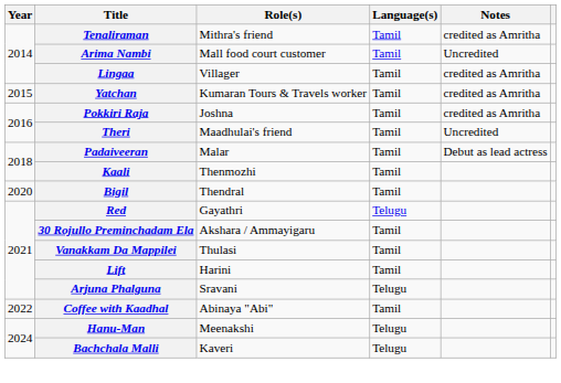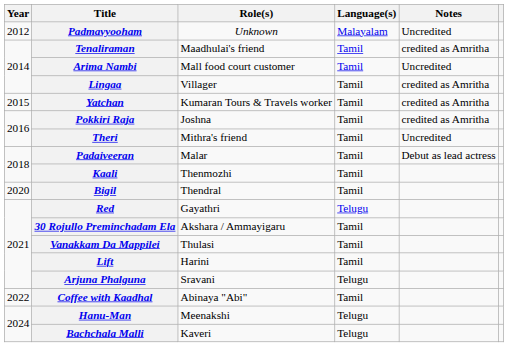 <table class="wikitable plainrowheaders sortable">
 <tr>
 <th scope="col">Year</th>
 <th scope="col">Title</th>
 <th scope="col">Role(s)</th>
 <th scope="col">Language(s)</th>
 <th scope="col" class="unsortable">Notes</th>
 <th scope="col" class="unsortable"></th>
 </tr>
 <tr>
+<td rowspan="1">2012</td>
+<th scope="row"><em><a href='#'>Padmavyooham</a></em></th>
+<td style="text-align: center;"><em>Unknown</em></td>
+<td><a href='#'>Malayalam</a></td>
+<td>Uncredited</td>
+<td style="text-align: center;"></td>
+</tr>
+<tr>
 <td rowspan="3">2014</td>
 <th scope="row"><em><a href='#'>Tenaliraman</a></em></th>
-<td>Mithra's friend</td>
+<td>Maadhulai's friend</td>
 <td><a href='#'>Tamil</a></td>
 <td>credited as Amritha</td>
 <td style="text-align: center;"></td>
 </tr>
 <tr>
 <th scope="row"><em><a href='#'>Arima Nambi</a></em></th>
 <td>Mall food court customer</td>
 <td><a href='#'>Tamil</a></td>
 <td>Uncredited</td>
 <td style="text-align: center;"></td>
 </tr>
 <tr>
 <th scope="row"><em><a href='#'>Lingaa</a></em></th>
 <td>Villager</td>
 <td>Tamil</td>
 <td>credited as Amritha</td>
 <td style="text-align: center;"></td>
 </tr>
 <tr>
 <td rowspan="1">2015</td>
 <th scope="row"><em><a href='#'>Yatchan</a></em></th>
 <td>Kumaran Tours & Travels worker</td>
 <td>Tamil</td>
 <td>credited as Amritha</td>
 <td style="text-align: center;"></td>
 </tr>
 <tr>
 <td rowspan="2">2016</td>
 <th scope="row"><em><a href='#'>Pokkiri Raja</a></em></th>
 <td>Joshna</td>
 <td>Tamil</td>
 <td>credited as Amritha</td>
 <td style="text-align: center;"></td>
 </tr>
 <tr>
 <th scope="row"><em><a href='#'>Theri</a></em></th>
-<td>Maadhulai's friend</td>
+<td>Mithra's friend</td>
 <td>Tamil</td>
 <td>Uncredited</td>
 <td style="text-align: center;"></td>
 </tr>
 <tr>
 <td rowspan="2">2018</td>
 <th scope="row"><em><a href='#'>Padaiveeran</a></em></th>
 <td>Malar</td>
 <td>Tamil</td>
 <td>Debut as lead actress</td>
 <td style="text-align: center;"></td>
 </tr>
 <tr>
 <th scope="row"><em><a href='#'>Kaali</a></em></th>
 <td>Thenmozhi</td>
 <td>Tamil</td>
 <td></td>
 <td style="text-align: center;"></td>
 </tr>
 <tr>
 <td rowspan="1">2020</td>
 <th scope="row"><em><a href='#'>Bigil</a></em></th>
 <td>Thendral</td>
 <td>Tamil</td>
 <td></td>
 <td style="text-align: center;"></td>
 </tr>
 <tr>
 <td rowspan="5">2021</td>
 <th Scope="row"><em><a href='#'>Red</a></em></th>
 <td>Gayathri</td>
 <td><a href='#'>Telugu</a></td>
 <td></td>
 <td style="text-align: center;"></td>
 </tr>
 <tr>
 <th scope="row"><em><a href='#'>30 Rojullo Preminchadam Ela</a></em></th>
 <td>Akshara / Ammayigaru</td>
 <td>Tamil</td>
 <td></td>
 <td style="text-align: center;"></td>
 </tr>
 <tr>
 <th scope="row"><em><a href='#'>Vanakkam Da Mappilei</a></em></th>
 <td>Thulasi</td>
 <td>Tamil</td>
 <td></td>
 <td style="text-align: center;"></td>
 </tr>
 <tr>
 <th scope="row"><em><a href='#'>Lift</a> </em></th>
 <td>Harini</td>
 <td>Tamil</td>
 <td></td>
 <td style="text-align: center;"></td>
 </tr>
 <tr>
 <th scope="row"><em><a href='#'>Arjuna Phalguna</a></em></th>
 <td>Sravani</td>
 <td>Telugu</td>
 <td></td>
 <td style="text-align: center;"></td>
 </tr>
 <tr>
 <td>2022</td>
 <th scope="row"><em><a href='#'>Coffee with Kaadhal</a></em></th>
 <td>Abinaya "Abi"</td>
 <td>Tamil</td>
 <td></td>
 <td style="text-align: center;"></td>
 </tr>
 <tr>
 <td rowspan="2">2024</td>
 <th scope="row"><em><a href='#'>Hanu-Man</a></em></th>
 <td>Meenakshi</td>
 <td>Telugu</td>
 <td></td>
 <td style="text-align: center;"></td>
 </tr>
 <tr>
 <th scope="row"><em><a href='#'>Bachchala Malli</a></em></th>
 <td>Kaveri</td>
 <td>Telugu</td>
 <td></td>
 <td style="text-align: center;"></td>
 </tr>
 </table>
